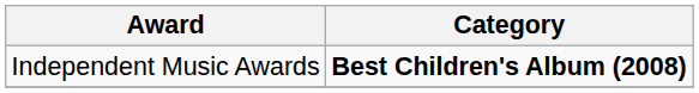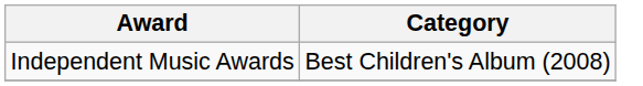 <table class=wikitable>
 <tr>
 <th>Award</th>
 <th>Category</th>
 </tr>
 <tr>
 <td>Independent Music Awards</td>
-<td><strong>Best Children's Album (2008)</strong></td>
+<td>Best Children's Album (2008)</td>
 </tr>
 <tr>
 </tr>
 </table>
